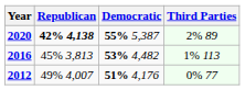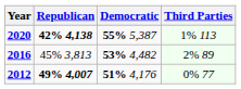 <table class="wikitable" style="float:right; font-size:95%;">
 <tr bgcolor=lightgrey>
 <th>Year</th>
 <th><a href='#'>Republican</a></th>
 <th><a href='#'>Democratic</a></th>
 <th><a href='#'>Third Parties</a></th>
 </tr>
 <tr>
 <td style="text-align:center; "><strong><a href='#'>2020</a></strong></td>
 <td style="text-align:center; "><strong>42% <em>4,138</em></strong></td>
 <td style="text-align:center; "><strong>55%</strong> <em>5,387</em></td>
-<td style="text-align:center; background:honeyDew;">2% <em>89</em></td>
+<td style="text-align:center; background:honeyDew;">1% <em>113</em></td>
 </tr>
 <tr>
 <td style="text-align:center; "><strong><a href='#'>2016</a></strong></td>
 <td style="text-align:center; ">45% <em>3,813</em></td>
 <td style="text-align:center; "><strong>53%</strong> <em>4,482</em></td>
-<td style="text-align:center; background:honeyDew;">1% <em>113</em></td>
+<td style="text-align:center; background:honeyDew;">2% <em>89</em></td>
 </tr>
 <tr>
 <td style="text-align:center; "><strong><a href='#'>2012</a></strong></td>
-<td style="text-align:center; ">49% <em>4,007</em></td>
+<td style="text-align:center; "><strong>49% <em>4,007</em></strong></td>
 <td style="text-align:center; "><strong>51%</strong> <em>4,176</em></td>
 <td style="text-align:center; background:honeyDew;">0% <em>77</em></td>
 </tr>
 </table>
